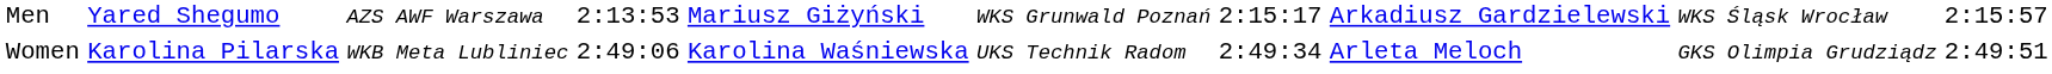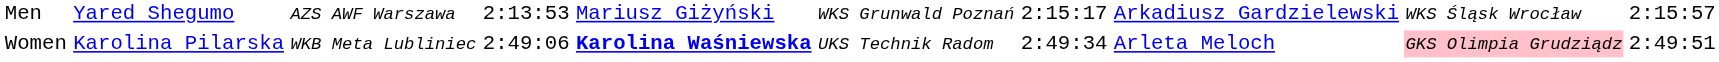 <table>
 <tr>
 <td>Men</td>
 <td><a href='#'>Yared Shegumo</a></td>
 <td><small><em>AZS AWF Warszawa</em></small></td>
 <td>2:13:53</td>
 <td><a href='#'>Mariusz Giżyński</a></td>
 <td><small><em>WKS Grunwald Poznań</em></small></td>
 <td>2:15:17</td>
 <td><a href='#'>Arkadiusz Gardzielewski</a></td>
 <td><small><em>WKS Śląsk Wrocław</em></small></td>
 <td>2:15:57</td>
 </tr>
 <tr>
 <td>Women</td>
 <td><a href='#'>Karolina Pilarska</a></td>
 <td><small><em>WKB Meta Lubliniec</em></small></td>
 <td>2:49:06</td>
-<td><a href='#'>Karolina Waśniewska</a></td>
+<td><strong><a href='#'>Karolina Waśniewska</a></strong></td>
 <td><small><em>UKS Technik Radom</em></small></td>
 <td>2:49:34</td>
 <td><a href='#'>Arleta Meloch</a></td>
-<td><small><em>GKS Olimpia Grudziądz</em></small></td>
+<td style="background: pink;"><small><em>GKS Olimpia Grudziądz</em></small></td>
 <td>2:49:51</td>
 </tr>
 </table>
